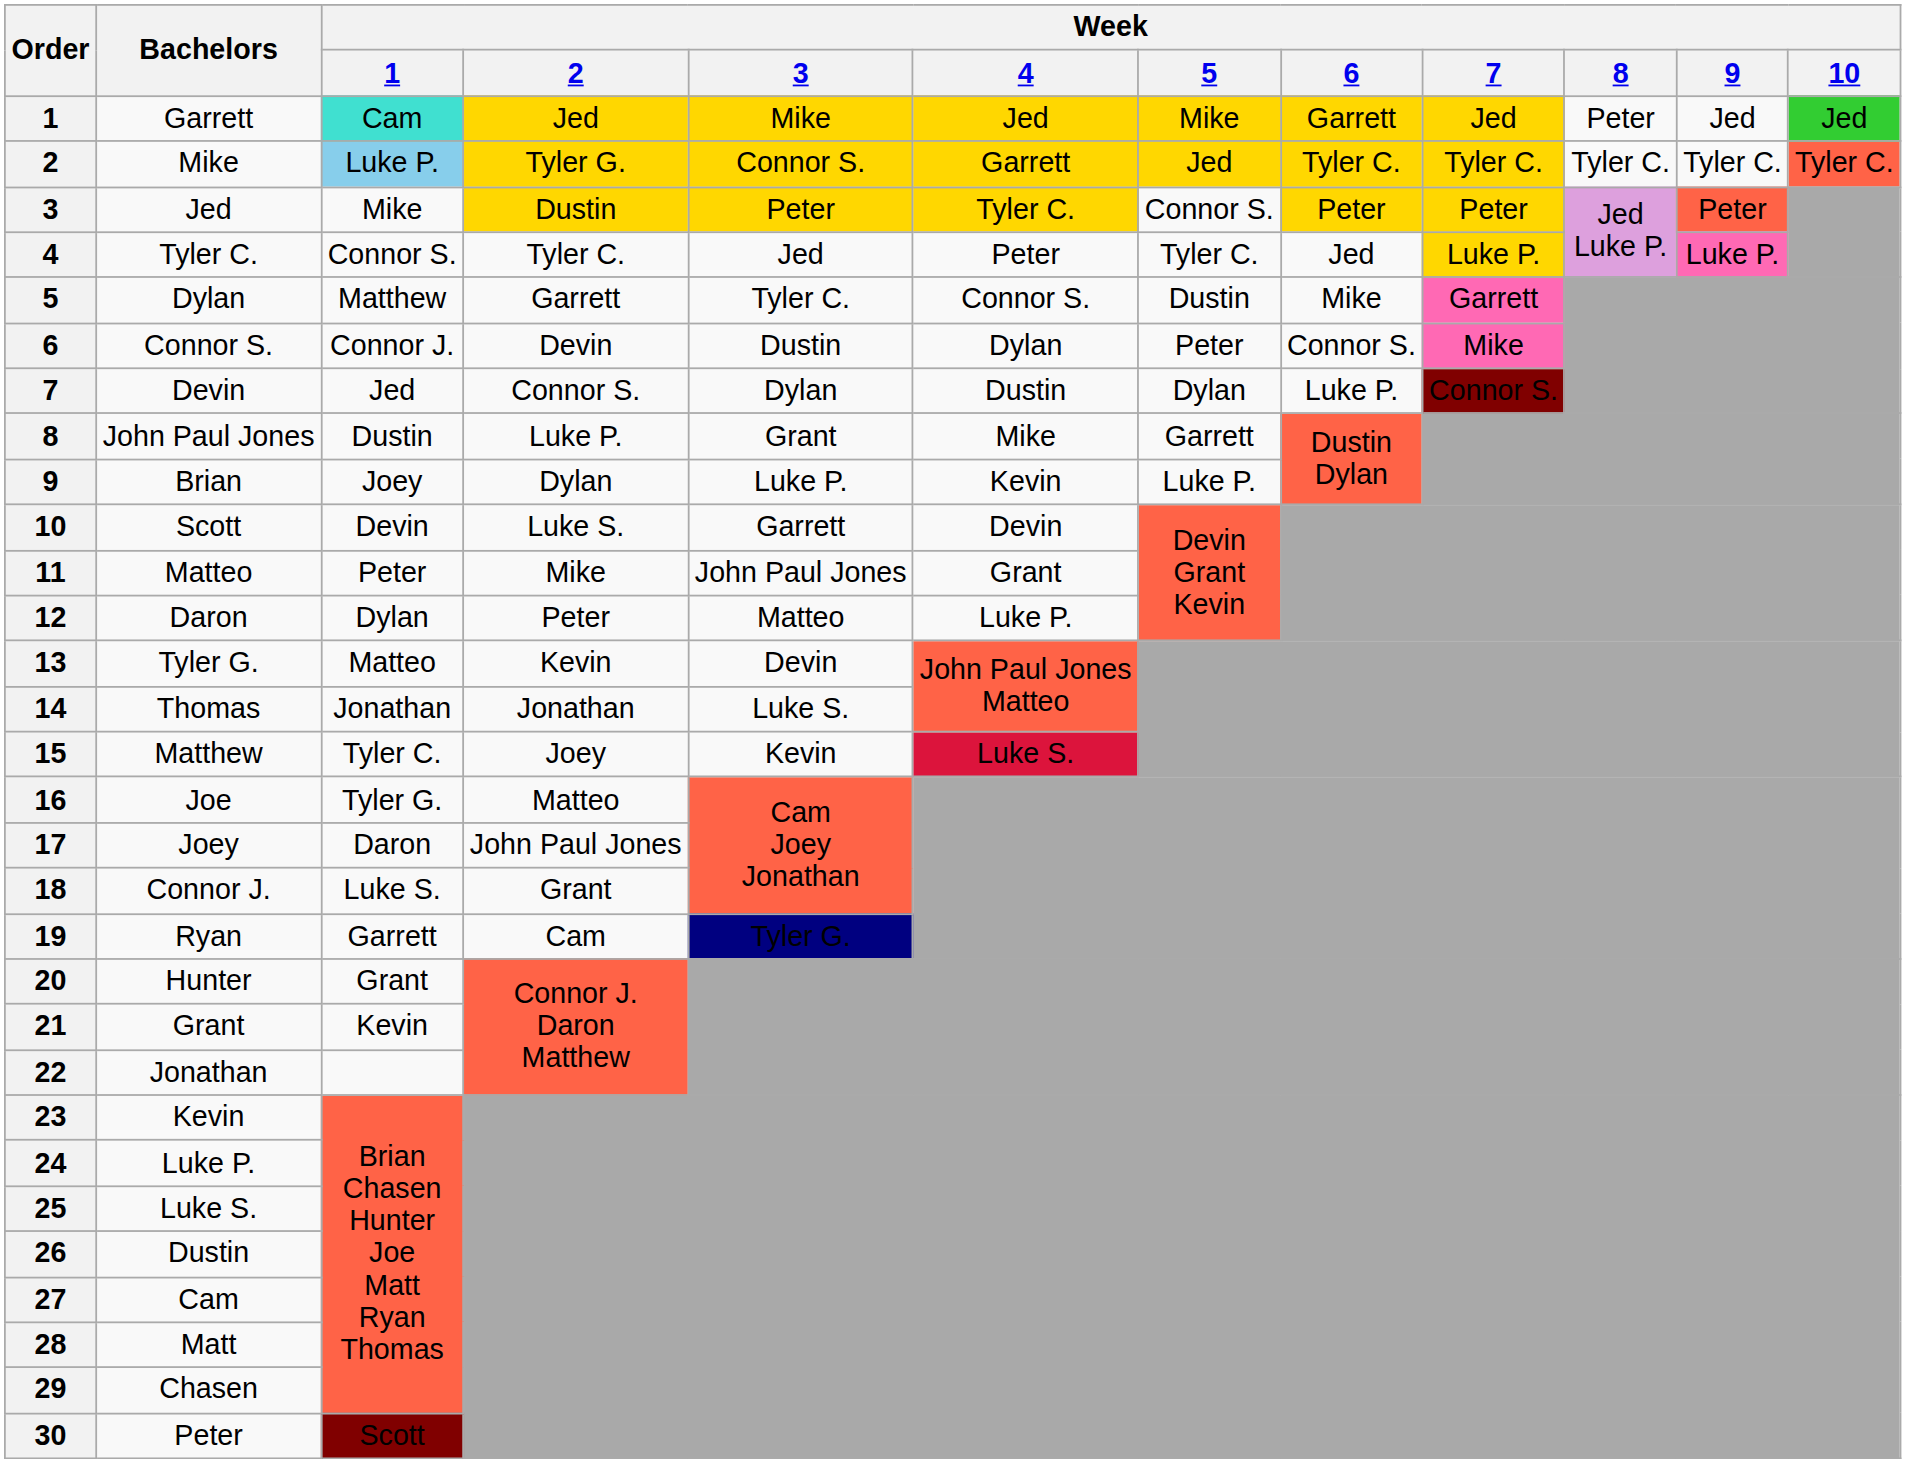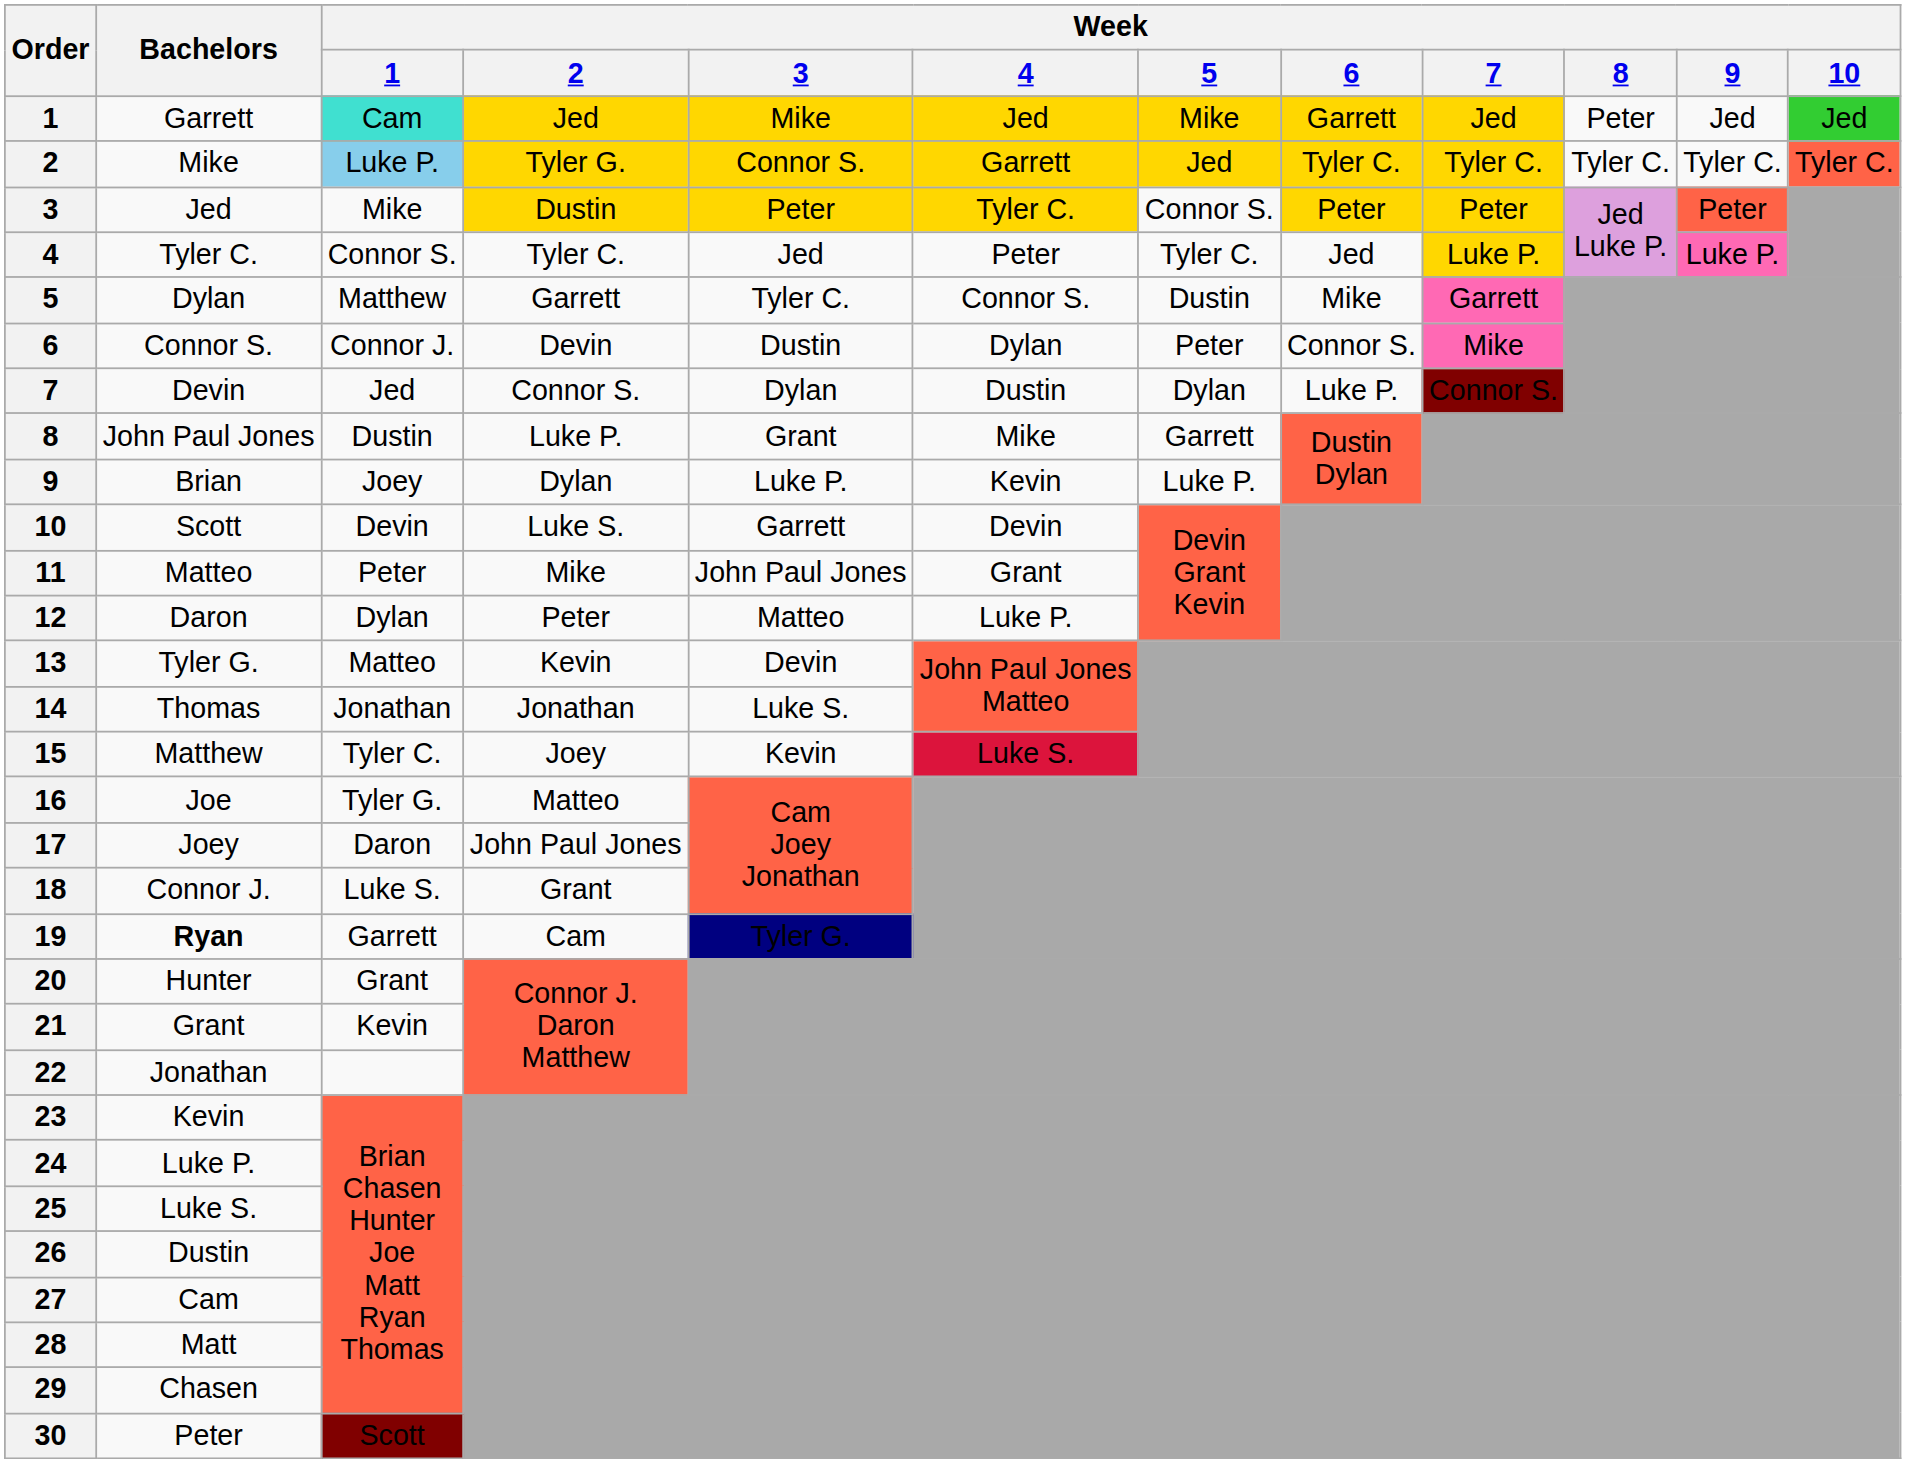 <table class="wikitable nowrap" style="text-align:center;">
 <tr>
 <th rowspan=2>Order</th>
 <th rowspan="2">Bachelors</th>
 <th colspan="10">Week</th>
 </tr>
 <tr>
 <th><a href='#'>1</a></th>
 <th><a href='#'>2</a></th>
 <th><a href='#'>3</a></th>
 <th><a href='#'>4</a></th>
 <th><a href='#'>5</a></th>
 <th><a href='#'>6</a></th>
 <th><a href='#'>7</a></th>
 <th><a href='#'>8</a></th>
 <th><a href='#'>9</a></th>
 <th><a href='#'>10</a></th>
 </tr>
 <tr>
 <th>1</th>
 <td>Garrett</td>
 <td style="background:turquoise">Cam</td>
 <td bgcolor="gold">Jed</td>
 <td bgcolor="gold">Mike</td>
 <td bgcolor="gold">Jed</td>
 <td bgcolor="gold">Mike</td>
 <td bgcolor="gold">Garrett</td>
 <td bgcolor="gold">Jed</td>
 <td>Peter</td>
 <td>Jed</td>
 <td bgcolor="limegreen">Jed</td>
 </tr>
 <tr>
 <th>2</th>
 <td>Mike</td>
 <td style="background:skyblue">Luke P.</td>
 <td bgcolor="gold">Tyler G.</td>
 <td bgcolor="gold">Connor S.</td>
 <td bgcolor="gold">Garrett</td>
 <td bgcolor="gold">Jed</td>
 <td bgcolor="gold">Tyler C.</td>
 <td bgcolor="gold">Tyler C.</td>
 <td>Tyler C.</td>
 <td>Tyler C.</td>
 <td bgcolor="tomato">Tyler C.</td>
 </tr>
 <tr>
 <th>3</th>
 <td>Jed</td>
 <td>Mike</td>
 <td bgcolor="gold">Dustin</td>
 <td bgcolor="gold">Peter</td>
 <td bgcolor="gold">Tyler C.</td>
 <td>Connor S.</td>
 <td bgcolor="gold">Peter</td>
 <td bgcolor="gold">Peter</td>
 <td rowspan="2" bgcolor="plum">Jed<br>Luke P.</td>
 <td bgcolor="tomato">Peter</td>
 <td rowspan="2"  colspan= "3"bgcolor="darkgray"></td>
 </tr>
 <tr>
 <th>4</th>
 <td>Tyler C.</td>
 <td>Connor S.</td>
 <td>Tyler C.</td>
 <td>Jed</td>
 <td>Peter</td>
 <td>Tyler C.</td>
 <td>Jed</td>
 <td bgcolor="gold">Luke P.</td>
 <td bgcolor="hotpink">Luke P.</td>
 </tr>
 <tr>
 <th>5</th>
 <td>Dylan</td>
 <td>Matthew</td>
 <td>Garrett</td>
 <td>Tyler C.</td>
 <td>Connor S.</td>
 <td>Dustin</td>
 <td>Mike</td>
 <td bgcolor="hotpink">Garrett</td>
 <td rowspan="3"  colspan= "3"bgcolor="darkgray"></td>
 </tr>
 <tr>
 <th>6</th>
 <td>Connor S.</td>
 <td>Connor J.</td>
 <td>Devin</td>
 <td>Dustin</td>
 <td>Dylan</td>
 <td>Peter</td>
 <td>Connor S.</td>
 <td bgcolor="hotpink">Mike</td>
 </tr>
 <tr>
 <th>7</th>
 <td>Devin</td>
 <td>Jed</td>
 <td>Connor S.</td>
 <td>Dylan</td>
 <td>Dustin</td>
 <td>Dylan</td>
 <td>Luke P.</td>
 <td bgcolor="maroon"><span>Connor S.</span></td>
 </tr>
 <tr>
 <th>8</th>
 <td>John Paul Jones</td>
 <td>Dustin</td>
 <td>Luke P.</td>
 <td>Grant</td>
 <td>Mike</td>
 <td>Garrett</td>
 <td rowspan="2" bgcolor="tomato">Dustin<br>Dylan</td>
 <td rowspan="2"  colspan= "4"bgcolor="darkgray"></td>
 </tr>
 <tr>
 <th>9</th>
 <td>Brian</td>
 <td>Joey</td>
 <td>Dylan</td>
 <td>Luke P.</td>
 <td>Kevin</td>
 <td>Luke P.</td>
 </tr>
 <tr>
 <th>10</th>
 <td>Scott</td>
 <td>Devin</td>
 <td>Luke S.</td>
 <td>Garrett</td>
 <td>Devin</td>
 <td rowspan="3" bgcolor="tomato">Devin<br>Grant<br>Kevin</td>
 <td rowspan="3"  colspan= "5"bgcolor="darkgray"></td>
 </tr>
 <tr>
 <th>11</th>
 <td>Matteo</td>
 <td>Peter</td>
 <td>Mike</td>
 <td>John Paul Jones</td>
 <td>Grant</td>
 </tr>
 <tr>
 <th>12</th>
 <td>Daron</td>
 <td>Dylan</td>
 <td>Peter</td>
 <td>Matteo</td>
 <td>Luke P.</td>
 </tr>
 <tr>
 <th>13</th>
 <td>Tyler G.</td>
 <td>Matteo</td>
 <td>Kevin</td>
 <td>Devin</td>
 <td rowspan="2" bgcolor="tomato">John Paul Jones<br>Matteo</td>
 <td rowspan="3"  colspan= "6"bgcolor="darkgray"></td>
 </tr>
 <tr>
 <th>14</th>
 <td>Thomas</td>
 <td>Jonathan</td>
 <td>Jonathan</td>
 <td>Luke S.</td>
 </tr>
 <tr>
 <th>15</th>
 <td>Matthew</td>
 <td>Tyler C.</td>
 <td>Joey</td>
 <td>Kevin</td>
 <td bgcolor="crimson"><span>Luke S.</span></td>
 </tr>
 <tr>
 <th>16</th>
 <td>Joe</td>
 <td>Tyler G.</td>
 <td>Matteo</td>
 <td rowspan="3" bgcolor="tomato">Cam<br>Joey<br>Jonathan</td>
 <td rowspan="4"  colspan= "7"bgcolor="darkgray"></td>
 </tr>
 <tr>
 <th>17</th>
 <td>Joey</td>
 <td>Daron</td>
 <td>John Paul Jones</td>
 </tr>
 <tr>
 <th>18</th>
 <td>Connor J.</td>
 <td>Luke S.</td>
 <td>Grant</td>
 </tr>
 <tr>
 <th>19</th>
-<td>Ryan</td>
+<td><strong>Ryan</strong></td>
 <td>Garrett</td>
 <td>Cam</td>
 <td bgcolor="navy"><span>Tyler G.</span></td>
 </tr>
 <tr>
 <th>20</th>
 <td>Hunter</td>
 <td>Grant</td>
 <td rowspan="3" bgcolor="tomato">Connor J.<br>Daron<br>Matthew</td>
 <td rowspan="3"  colspan= "8" bgcolor="darkgray"></td>
 </tr>
 <tr>
 <th>21</th>
 <td>Grant</td>
 <td>Kevin</td>
 </tr>
 <tr>
 <th>22</th>
 <td>Jonathan</td>
 <td></td>
 </tr>
 <tr>
 <th>23</th>
 <td>Kevin</td>
 <td rowspan="7" bgcolor="tomato">Brian<br>Chasen<br>Hunter<br>Joe<br>Matt<br>Ryan<br>Thomas</td>
 <td rowspan="8" colspan= "9"bgcolor="darkgray"></td>
 </tr>
 <tr>
 <th>24</th>
 <td>Luke P.</td>
 </tr>
 <tr>
 <th>25</th>
 <td>Luke S.</td>
 </tr>
 <tr>
 <th>26</th>
 <td>Dustin</td>
 </tr>
 <tr>
 <th>27</th>
 <td>Cam</td>
 </tr>
 <tr>
 <th>28</th>
 <td>Matt</td>
 </tr>
 <tr>
 <th>29</th>
 <td>Chasen</td>
 </tr>
 <tr>
 <th>30</th>
 <td>Peter</td>
 <td bgcolor="maroon"><span>Scott</span></td>
 </tr>
 </table>
